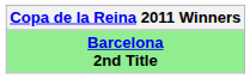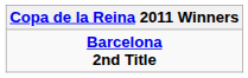 <table class="wikitable" style="text-align: center; margin: 0 auto;">
 <tr>
 <th><a href='#'>Copa de la Reina</a> 2011 Winners</th>
 </tr>
 <tr>
-<td style="background: lightgreen;"><strong><a href='#'>Barcelona</a></strong><br><strong>2nd Title</strong></td>
+<td><strong><a href='#'>Barcelona</a></strong><br><strong>2nd Title</strong></td>
 </tr>
 </table>
